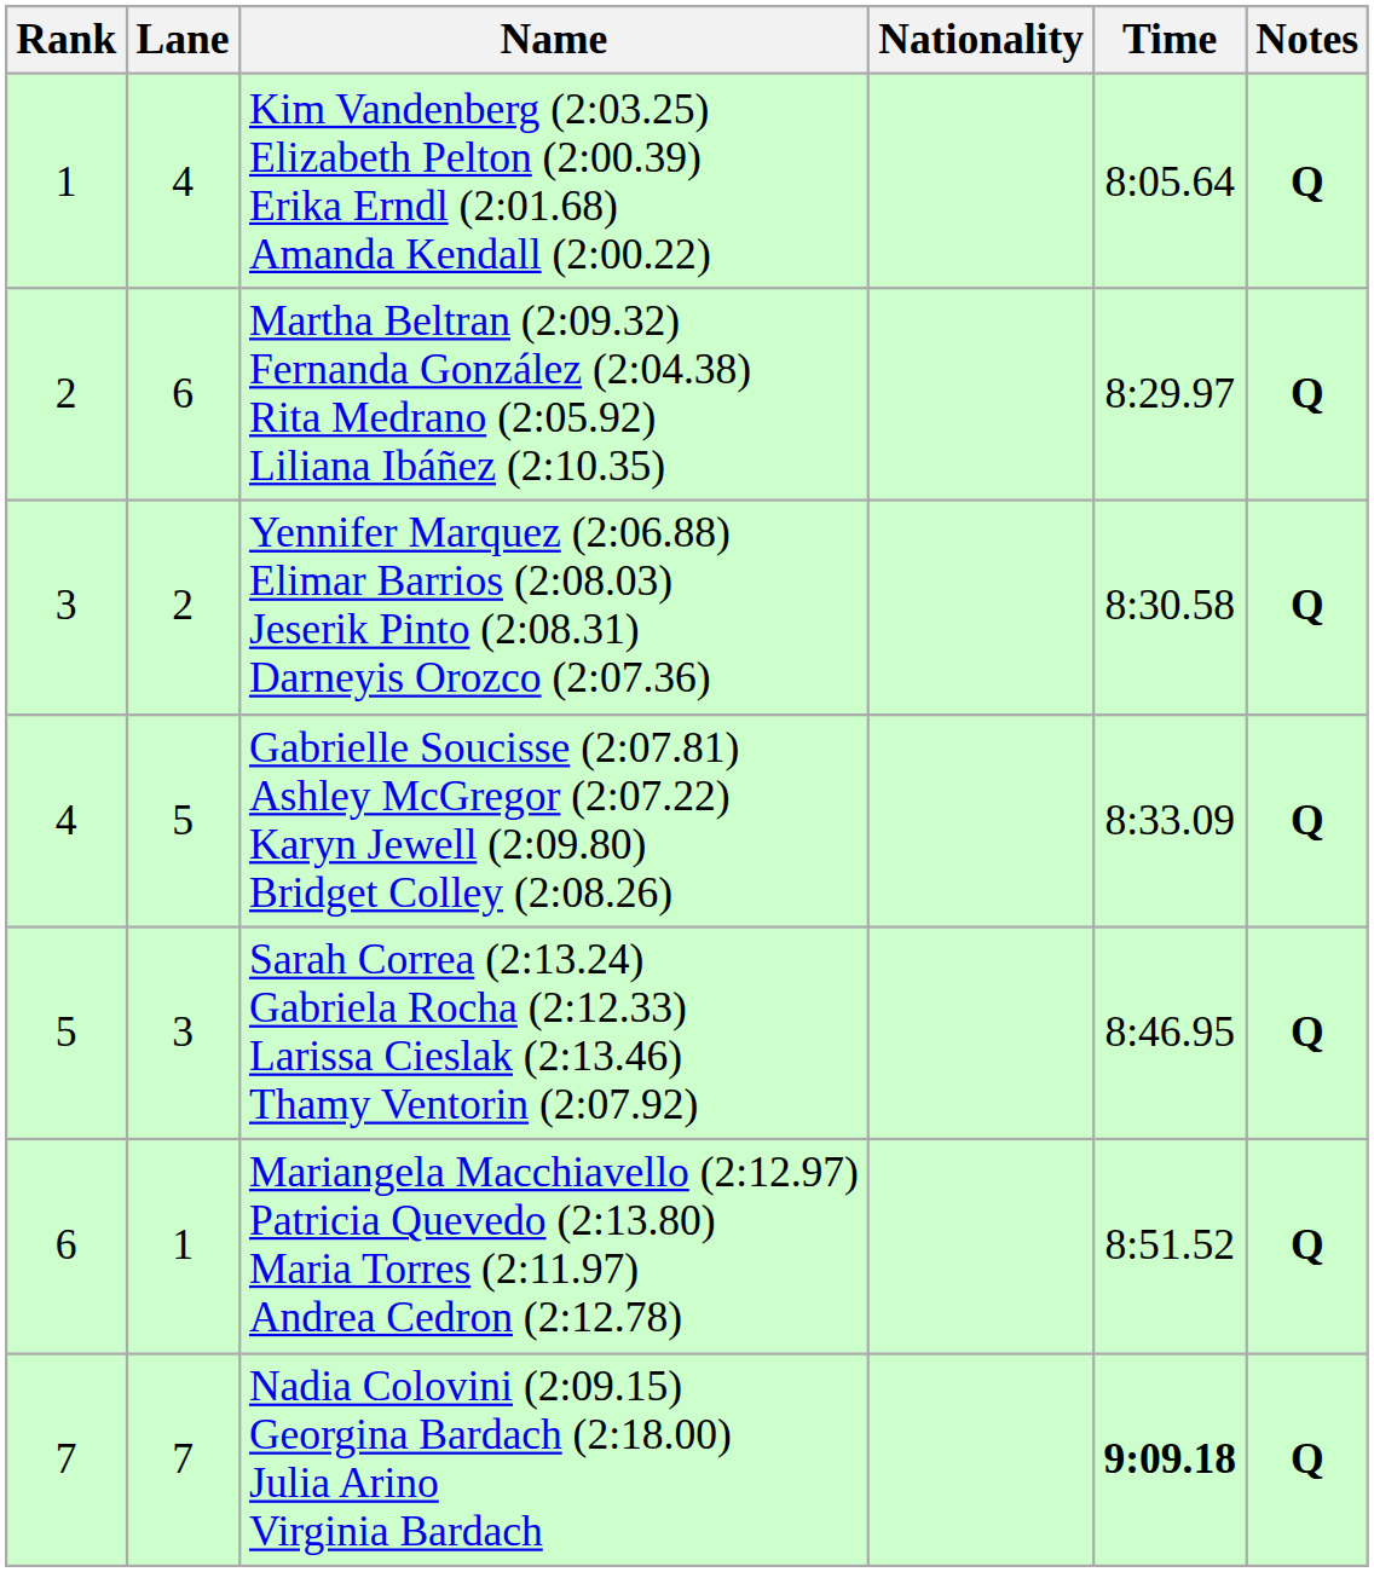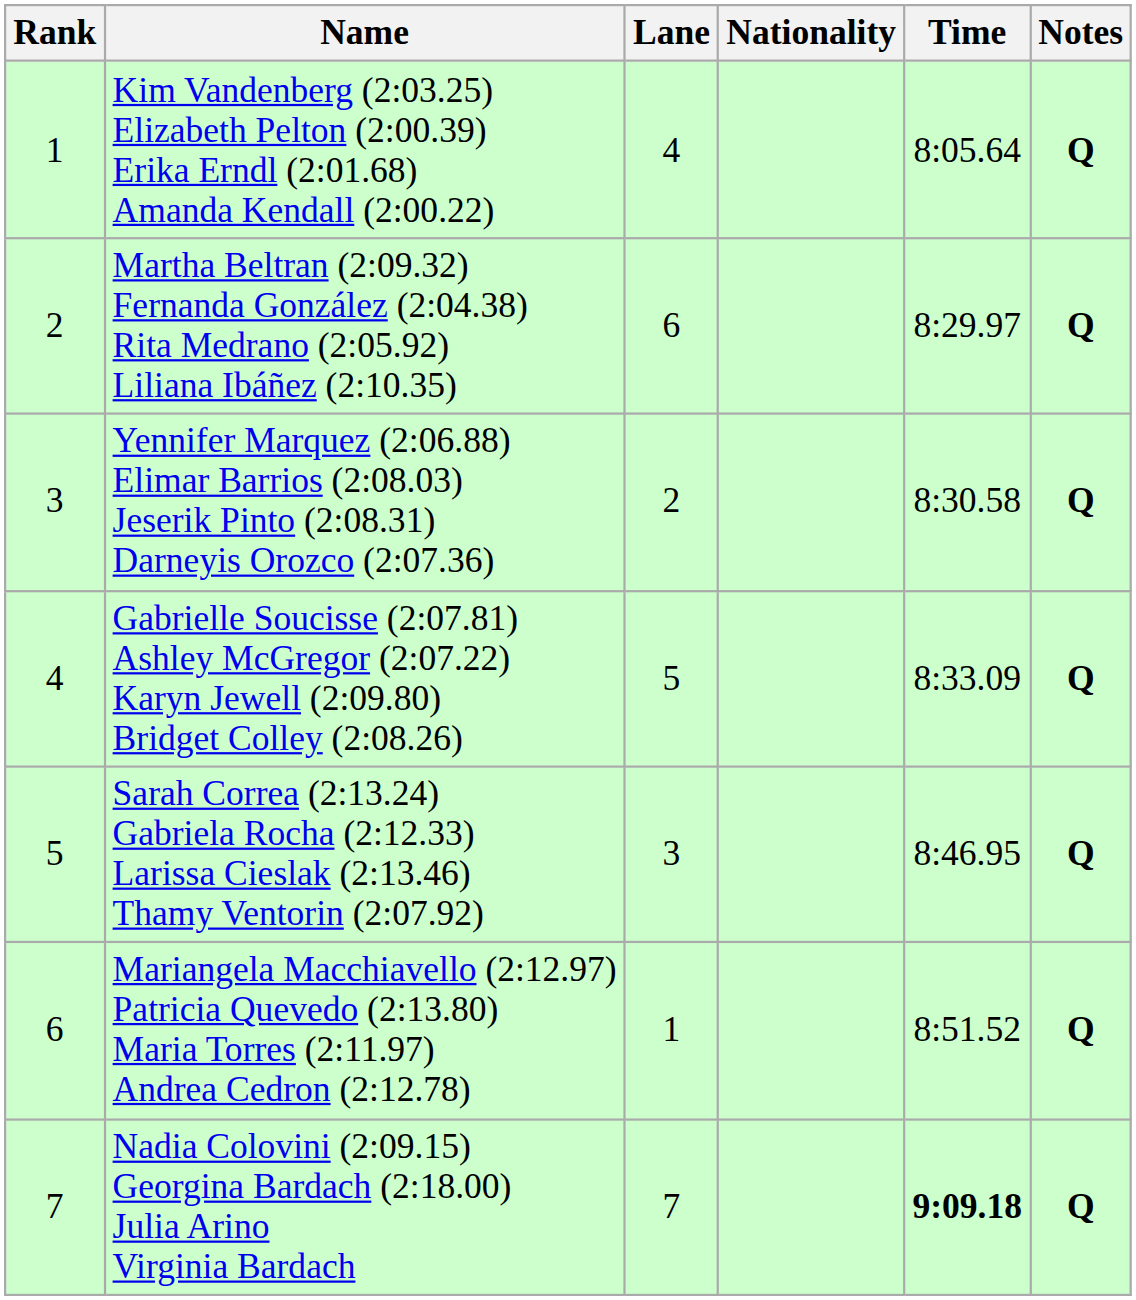 <table class="wikitable sortable" style="text-align:center">
 <tr>
 <th>Rank</th>
+<th>Name</th>
 <th>Lane</th>
-<th>Name</th>
 <th>Nationality</th>
 <th>Time</th>
 <th>Notes</th>
 </tr>
 <tr bgcolor=ccffcc>
 <td>1</td>
+<td align=left><a href='#'>Kim Vandenberg</a> (2:03.25)<br><a href='#'>Elizabeth Pelton</a> (2:00.39)<br><a href='#'>Erika Erndl</a> (2:01.68)<br><a href='#'>Amanda Kendall</a>  (2:00.22)</td>
 <td>4</td>
-<td align=left><a href='#'>Kim Vandenberg</a> (2:03.25)<br><a href='#'>Elizabeth Pelton</a> (2:00.39)<br><a href='#'>Erika Erndl</a> (2:01.68)<br><a href='#'>Amanda Kendall</a>  (2:00.22)</td>
 <td align=left></td>
 <td>8:05.64</td>
 <td><strong>Q</strong></td>
 </tr>
 <tr bgcolor=ccffcc>
 <td>2</td>
+<td align=left><a href='#'>Martha Beltran</a> (2:09.32)<br><a href='#'>Fernanda González</a> (2:04.38)<br><a href='#'>Rita Medrano</a> (2:05.92)<br><a href='#'>Liliana Ibáñez</a> (2:10.35)</td>
 <td>6</td>
-<td align=left><a href='#'>Martha Beltran</a> (2:09.32)<br><a href='#'>Fernanda González</a> (2:04.38)<br><a href='#'>Rita Medrano</a> (2:05.92)<br><a href='#'>Liliana Ibáñez</a> (2:10.35)</td>
 <td align=left></td>
 <td>8:29.97</td>
 <td><strong>Q</strong></td>
 </tr>
 <tr bgcolor=ccffcc>
 <td>3</td>
+<td align=left><a href='#'>Yennifer Marquez</a> (2:06.88)<br><a href='#'>Elimar Barrios</a> (2:08.03)<br><a href='#'>Jeserik Pinto</a> (2:08.31)<br><a href='#'>Darneyis Orozco</a> (2:07.36)</td>
 <td>2</td>
-<td align=left><a href='#'>Yennifer Marquez</a> (2:06.88)<br><a href='#'>Elimar Barrios</a> (2:08.03)<br><a href='#'>Jeserik Pinto</a> (2:08.31)<br><a href='#'>Darneyis Orozco</a> (2:07.36)</td>
 <td align=left></td>
 <td>8:30.58</td>
 <td><strong>Q</strong></td>
 </tr>
 <tr bgcolor=ccffcc>
 <td>4</td>
+<td align=left><a href='#'>Gabrielle Soucisse</a> (2:07.81)<br><a href='#'>Ashley McGregor</a> (2:07.22)<br><a href='#'>Karyn Jewell</a> (2:09.80)<br><a href='#'>Bridget Colley</a> (2:08.26)</td>
 <td>5</td>
-<td align=left><a href='#'>Gabrielle Soucisse</a> (2:07.81)<br><a href='#'>Ashley McGregor</a> (2:07.22)<br><a href='#'>Karyn Jewell</a> (2:09.80)<br><a href='#'>Bridget Colley</a> (2:08.26)</td>
 <td align=left></td>
 <td>8:33.09</td>
 <td><strong>Q</strong></td>
 </tr>
 <tr bgcolor=ccffcc>
 <td>5</td>
+<td align=left><a href='#'>Sarah Correa</a> (2:13.24)<br><a href='#'>Gabriela Rocha</a> (2:12.33)<br><a href='#'>Larissa Cieslak</a> (2:13.46)<br><a href='#'>Thamy Ventorin</a> (2:07.92)</td>
 <td>3</td>
-<td align=left><a href='#'>Sarah Correa</a> (2:13.24)<br><a href='#'>Gabriela Rocha</a> (2:12.33)<br><a href='#'>Larissa Cieslak</a> (2:13.46)<br><a href='#'>Thamy Ventorin</a> (2:07.92)</td>
 <td align=left></td>
 <td>8:46.95</td>
 <td><strong>Q</strong></td>
 </tr>
 <tr bgcolor=ccffcc>
 <td>6</td>
+<td align=left><a href='#'>Mariangela Macchiavello</a> (2:12.97)<br><a href='#'>Patricia Quevedo</a> (2:13.80)<br><a href='#'>Maria Torres</a> (2:11.97)<br><a href='#'>Andrea Cedron</a> (2:12.78)</td>
 <td>1</td>
-<td align=left><a href='#'>Mariangela Macchiavello</a> (2:12.97)<br><a href='#'>Patricia Quevedo</a> (2:13.80)<br><a href='#'>Maria Torres</a> (2:11.97)<br><a href='#'>Andrea Cedron</a> (2:12.78)</td>
 <td align=left></td>
 <td>8:51.52</td>
 <td><strong>Q</strong></td>
 </tr>
 <tr bgcolor=ccffcc>
 <td>7</td>
+<td align=left><a href='#'>Nadia Colovini</a> (2:09.15)<br><a href='#'>Georgina Bardach</a> (2:18.00)<br><a href='#'>Julia Arino</a> <br><a href='#'>Virginia Bardach</a></td>
 <td>7</td>
-<td align=left><a href='#'>Nadia Colovini</a> (2:09.15)<br><a href='#'>Georgina Bardach</a> (2:18.00)<br><a href='#'>Julia Arino</a> <br><a href='#'>Virginia Bardach</a></td>
 <td align=left></td>
 <td><strong>9:09.18</strong></td>
 <td><strong>Q</strong></td>
 </tr>
 </table>
